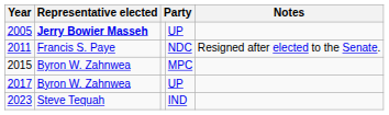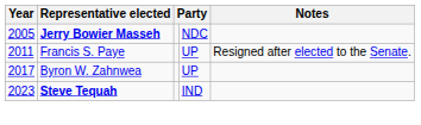 <table class="wikitable">
 <tr>
 <th>Year</th>
 <th>Representative elected</th>
 <th colspan=2>Party</th>
 <th>Notes</th>
 </tr>
 <tr>
 <td><a href='#'>2005</a></td>
 <td><strong><a href='#'>Jerry Bowier Masseh</a></strong></td>
 <td></td>
-<td><a href='#'>UP</a></td>
+<td><a href='#'>NDC</a></td>
 <td></td>
 </tr>
 <tr>
 <td><a href='#'>2011</a></td>
 <td><a href='#'>Francis S. Paye</a></td>
 <td></td>
-<td><a href='#'>NDC</a></td>
+<td><a href='#'>UP</a></td>
 <td>Resigned after <a href='#'>elected</a> to the <a href='#'>Senate</a>.</td>
-</tr>
-<tr>
-<td>2015</td>
-<td><a href='#'>Byron W. Zahnwea</a></td>
-<td></td>
-<td><a href='#'>MPC</a></td>
-<td></td>
 </tr>
 <tr>
 <td><a href='#'>2017</a></td>
 <td><a href='#'>Byron W. Zahnwea</a></td>
 <td></td>
 <td><a href='#'>UP</a></td>
 <td></td>
 </tr>
 <tr>
 <td><a href='#'>2023</a></td>
-<td><a href='#'>Steve Tequah</a></td>
+<td><strong><a href='#'>Steve Tequah</a></strong></td>
 <td></td>
 <td><a href='#'>IND</a></td>
 <td></td>
 </tr>
 </table>
